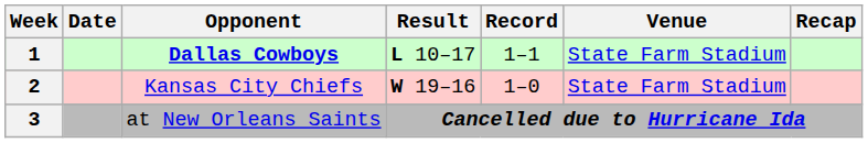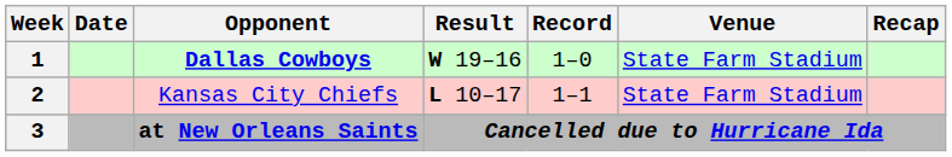 <table class="wikitable" style="text-align:center">
 <tr>
 <th>Week</th>
 <th>Date</th>
 <th>Opponent</th>
 <th>Result</th>
 <th>Record</th>
 <th>Venue</th>
 <th>Recap</th>
 </tr>
 <tr style="background:#cfc">
 <th>1</th>
 <td></td>
 <td><strong><a href='#'>Dallas Cowboys</a></strong></td>
-<td><strong>L</strong> 10–17</td>
-<td>1–1</td>
+<td><strong>W</strong> 19–16</td>
+<td>1–0</td>
 <td><a href='#'>State Farm Stadium</a></td>
 <td></td>
 </tr>
 <tr style="background:#fcc">
 <th>2</th>
 <td></td>
 <td><a href='#'>Kansas City Chiefs</a></td>
-<td><strong>W</strong> 19–16</td>
-<td>1–0</td>
+<td><strong>L</strong> 10–17</td>
+<td>1–1</td>
 <td><a href='#'>State Farm Stadium</a></td>
 <td></td>
 </tr>
 <tr style="background:#bababa">
 <th>3</th>
 <td></td>
-<td>at <a href='#'>New Orleans Saints</a></td>
+<td><strong>at <a href='#'>New Orleans Saints</a></strong></td>
 <td colspan="4"><strong><em>Cancelled due to <a href='#'>Hurricane Ida</a></em></strong></td>
 </tr>
 </table>
